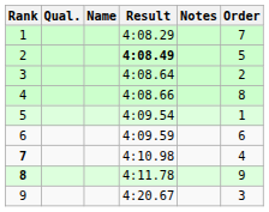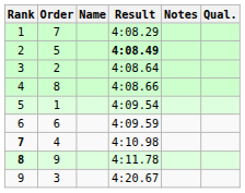 <table class="wikitable sortable" style="text-align:center">
 <tr>
 <th>Rank</th>
-<th>Qual.</th>
+<th>Order</th>
 <th>Name</th>
 <th>Result</th>
 <th>Notes</th>
-<th>Order</th>
+<th>Qual.</th>
 </tr>
 <tr bgcolor=ccffcc>
 <td>1</td>
-<td></td>
+<td>7</td>
 <td align="left"></td>
 <td>4:08.29</td>
 <td></td>
-<td>7</td>
+<td></td>
 </tr>
 <tr bgcolor=ccffcc>
 <td>2</td>
-<td></td>
+<td>5</td>
 <td align="left"></td>
 <td><strong>4:08.49</strong></td>
 <td></td>
-<td>5</td>
+<td></td>
 </tr>
 <tr bgcolor=ccffcc>
 <td>3</td>
-<td></td>
+<td>2</td>
 <td align="left"></td>
 <td>4:08.64</td>
 <td></td>
-<td>2</td>
+<td></td>
 </tr>
 <tr bgcolor=ccffcc>
 <td>4</td>
-<td></td>
+<td>8</td>
 <td align="left"></td>
 <td>4:08.66</td>
 <td></td>
-<td>8</td>
+<td></td>
 </tr>
 <tr bgcolor=ddffdd>
 <td>5</td>
-<td></td>
+<td>1</td>
 <td align="left"></td>
 <td>4:09.54</td>
 <td></td>
-<td>1</td>
+<td></td>
 </tr>
 <tr>
 <td>6</td>
-<td></td>
+<td>6</td>
 <td align="left"></td>
 <td>4:09.59</td>
 <td></td>
-<td>6</td>
+<td></td>
 </tr>
 <tr>
 <td><strong>7</strong></td>
-<td></td>
+<td>4</td>
 <td align="left"></td>
 <td>4:10.98</td>
 <td></td>
-<td>4</td>
+<td></td>
 </tr>
 <tr bgcolor=ddffdd>
 <td><strong>8</strong></td>
-<td></td>
+<td>9</td>
 <td align="left"></td>
 <td>4:11.78</td>
 <td></td>
-<td>9</td>
+<td></td>
 </tr>
 <tr>
 <td>9</td>
-<td></td>
+<td>3</td>
 <td align="left"></td>
 <td>4:20.67</td>
 <td></td>
-<td>3</td>
+<td></td>
 </tr>
 </table>
